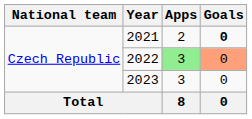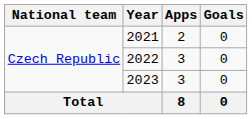 <table class="wikitable" style="text-align:center">
 <tr>
 <th>National team</th>
 <th>Year</th>
 <th>Apps</th>
 <th>Goals</th>
 </tr>
 <tr>
 <td rowspan="3"><a href='#'>Czech Republic</a></td>
 <td>2021</td>
 <td>2</td>
-<td><strong>0</strong></td>
+<td>0</td>
 </tr>
 <tr>
 <td>2022</td>
-<td style="background: lightgreen;">3</td>
-<td style="background: lightsalmon;">0</td>
+<td>3</td>
+<td>0</td>
 </tr>
 <tr>
 <td>2023</td>
 <td>3</td>
 <td>0</td>
 </tr>
 <tr>
 <th colspan="2">Total</th>
 <th>8</th>
 <th>0</th>
 </tr>
 </table>
